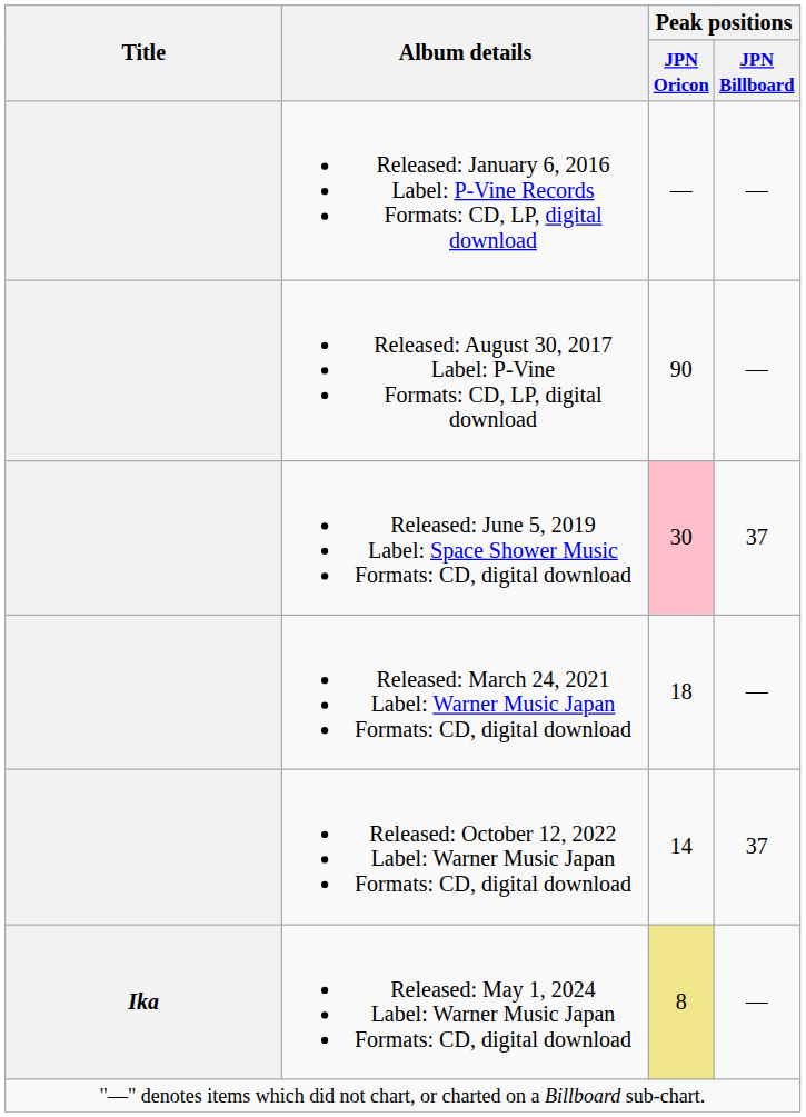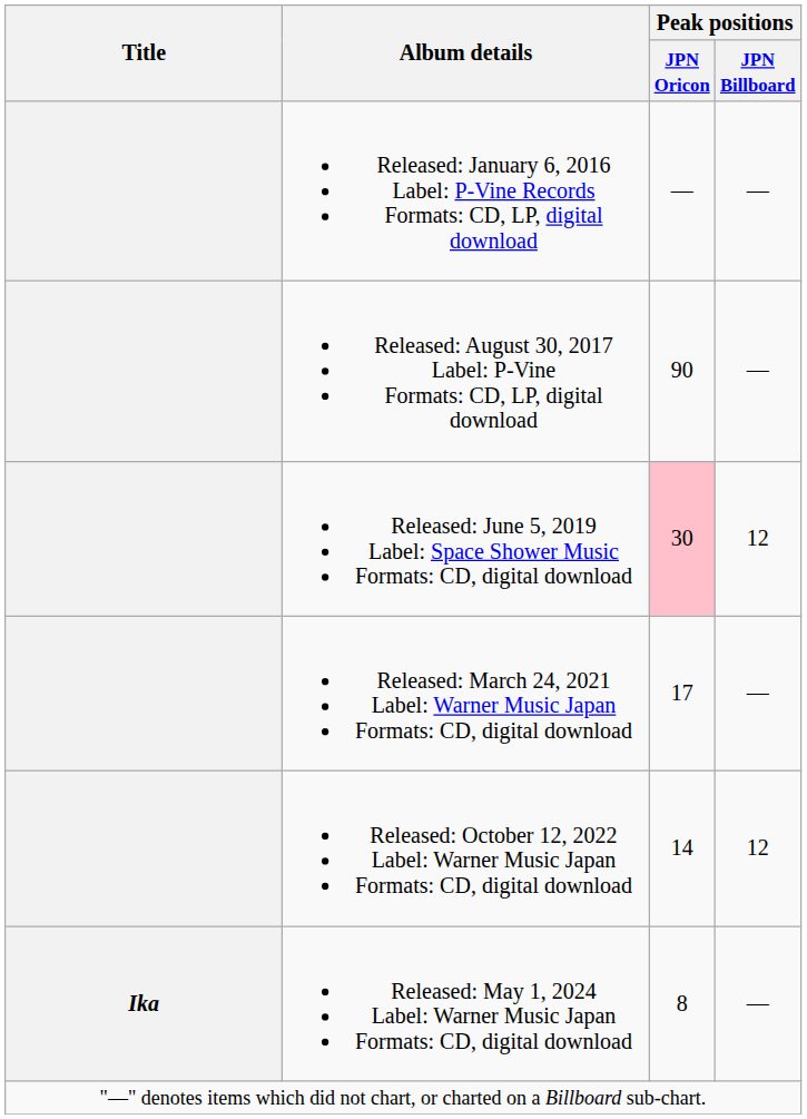 <table class="wikitable plainrowheaders" style="text-align:center;">
 <tr>
 <th style="width:12em;" rowspan="2">Title</th>
 <th style="width:16em;" rowspan="2">Album details</th>
 <th colspan="2">Peak positions</th>
 </tr>
 <tr>
 <th style="width:2.5em;"><small><a href='#'>JPN<br>Oricon</a></small><br></th>
 <th style="width:2.5em;"><small><a href='#'>JPN<br>Billboard</a></small><br></th>
 </tr>
 <tr>
 <th scope="row"></th>
 <td><br><ul><li>Released: January 6, 2016</li><li>Label: <a href='#'>P-Vine Records</a></li><li>Formats: CD, LP, <a href='#'>digital download</a></li></ul></td>
 <td>—</td>
 <td>—</td>
 </tr>
 <tr>
 <th scope="row"></th>
 <td><br><ul><li>Released: August 30, 2017</li><li>Label: P-Vine</li><li>Formats: CD, LP, digital download</li></ul></td>
 <td>90</td>
 <td>—</td>
 </tr>
 <tr>
 <th scope="row"></th>
 <td><br><ul><li>Released: June 5, 2019</li><li>Label: <a href='#'>Space Shower Music</a></li><li>Formats: CD, digital download</li></ul></td>
 <td style="background: pink;">30</td>
-<td>37</td>
+<td>12</td>
 </tr>
 <tr>
 <th scope="row"></th>
 <td><br><ul><li>Released: March 24, 2021</li><li>Label: <a href='#'>Warner Music Japan</a></li><li>Formats: CD, digital download</li></ul></td>
-<td>18</td>
+<td>17</td>
 <td>—</td>
 </tr>
 <tr>
 <th scope="row"></th>
 <td><br><ul><li>Released: October 12, 2022</li><li>Label: Warner Music Japan</li><li>Formats: CD, digital download</li></ul></td>
 <td>14</td>
-<td>37</td>
+<td>12</td>
 </tr>
 <tr>
 <th scope="row"><em>Ika</em></th>
 <td><br><ul><li>Released: May 1, 2024</li><li>Label: Warner Music Japan</li><li>Formats: CD, digital download</li></ul></td>
-<td style="background: khaki;">8</td>
+<td>8</td>
 <td>—</td>
 </tr>
 <tr>
 <td colspan="12" align="center" style="font-size:90%;">"—" denotes items which did not chart, or charted on a <em>Billboard</em> sub-chart.</td>
 </tr>
 </table>
